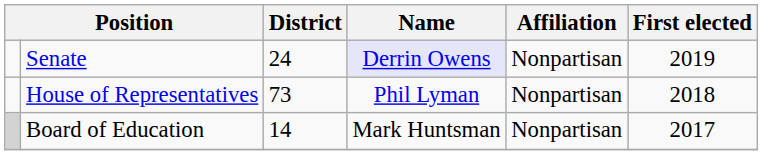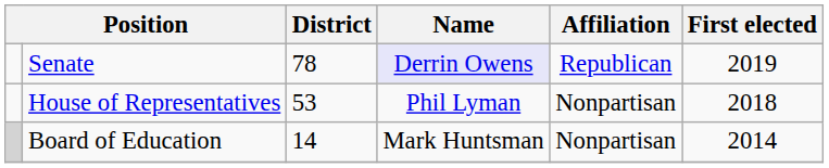 <table class="wikitable">
 <tr>
 <th colspan="2" style="text-align:center; vertical-align:bottom;">Position</th>
 <th>District</th>
 <th style="text-align:center;">Name</th>
 <th valign="bottom">Affiliation</th>
 <th style="vertical-align:bottom; text-align:center;">First elected</th>
 </tr>
 <tr>
 <td style="background-color:"> </td>
 <td><a href='#'>Senate</a></td>
-<td>24</td>
+<td>78</td>
 <td style="background: lavender; text-align:center;"><a href='#'>Derrin Owens</a></td>
-<td style="text-align:center;">Nonpartisan</td>
+<td style="text-align:center;"><a href='#'>Republican</a></td>
 <td style="text-align:center;">2019</td>
 </tr>
 <tr>
 <td style="background-color:"> </td>
 <td><a href='#'>House of Representatives</a></td>
-<td>73</td>
+<td>53</td>
 <td style="text-align:center;"><a href='#'>Phil Lyman</a></td>
 <td style="text-align:center;">Nonpartisan</td>
 <td style="text-align:center;">2018</td>
 </tr>
 <tr>
 <td style="background-color:lightgrey"> </td>
 <td>Board of Education</td>
 <td>14</td>
 <td style="text-align:center;">Mark Huntsman</td>
 <td style="text-align:center;">Nonpartisan</td>
-<td style="text-align:center;">2017</td>
+<td style="text-align:center;">2014</td>
 </tr>
 <tr>
 </tr>
 </table>
